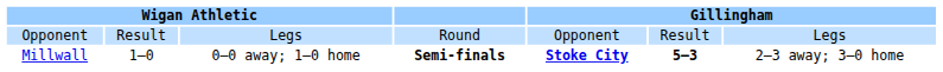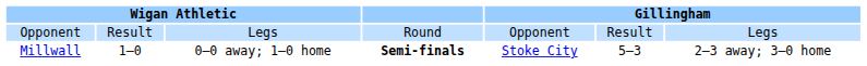 <table width="100%" bgcolor=white>
 <tr valign=top bgcolor=#99ccff>
 <th colspan=3 style="width:1*"><strong>Wigan Athletic</strong></th>
 <th></th>
 <th colspan=3 style="width:1*"><strong>Gillingham</strong></th>
 </tr>
 <tr valign=top align="center" bgcolor=#c1e0ff>
 <td>Opponent</td>
 <td>Result</td>
 <td>Legs</td>
 <td>Round</td>
 <td>Opponent</td>
 <td>Result</td>
 <td>Legs</td>
 </tr>
 <tr align="center">
 <td><a href='#'>Millwall</a></td>
 <td>1–0</td>
 <td>0–0 away; 1–0 home</td>
 <td><strong>Semi-finals</strong></td>
-<td><strong><a href='#'>Stoke City</a></strong></td>
-<td><strong>5–3</strong></td>
+<td><a href='#'>Stoke City</a></td>
+<td>5–3</td>
 <td>2–3 away; 3–0 home</td>
 </tr>
 </table>
